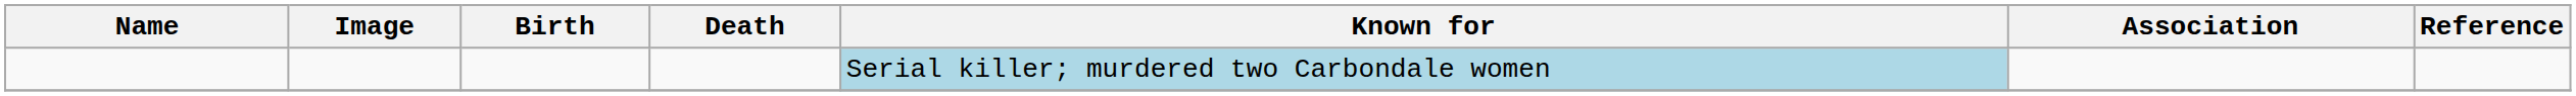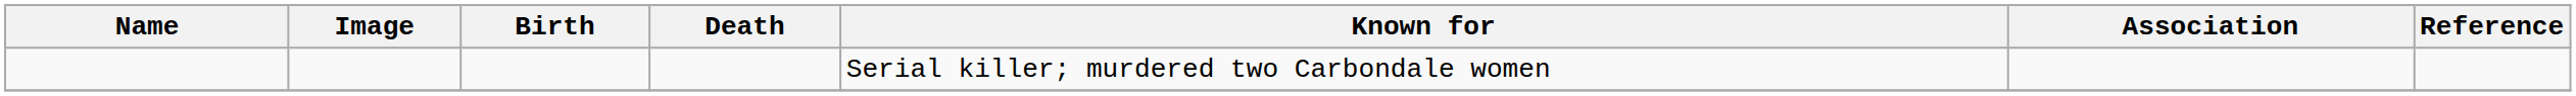 <table class="wikitable sortable">
 <tr>
 <th scope="col" width="140">Name</th>
 <th scope="col" width="80" class="unsortable">Image</th>
 <th scope="col" width="90">Birth</th>
 <th scope="col" width="90">Death</th>
 <th scope="col" width="600" class="unsortable">Known for</th>
 <th scope="col" width="200" class="unsortable">Association</th>
 <th scope="col" width="30" class="unsortable">Reference</th>
 </tr>
 <tr>
 <td></td>
 <td></td>
 <td align=right></td>
 <td align=right></td>
-<td style="background: lightblue;">Serial killer; murdered two Carbondale women</td>
+<td>Serial killer; murdered two Carbondale women</td>
 <td></td>
 <td align="center"></td>
 </tr>
 <tr>
 </tr>
 </table>
